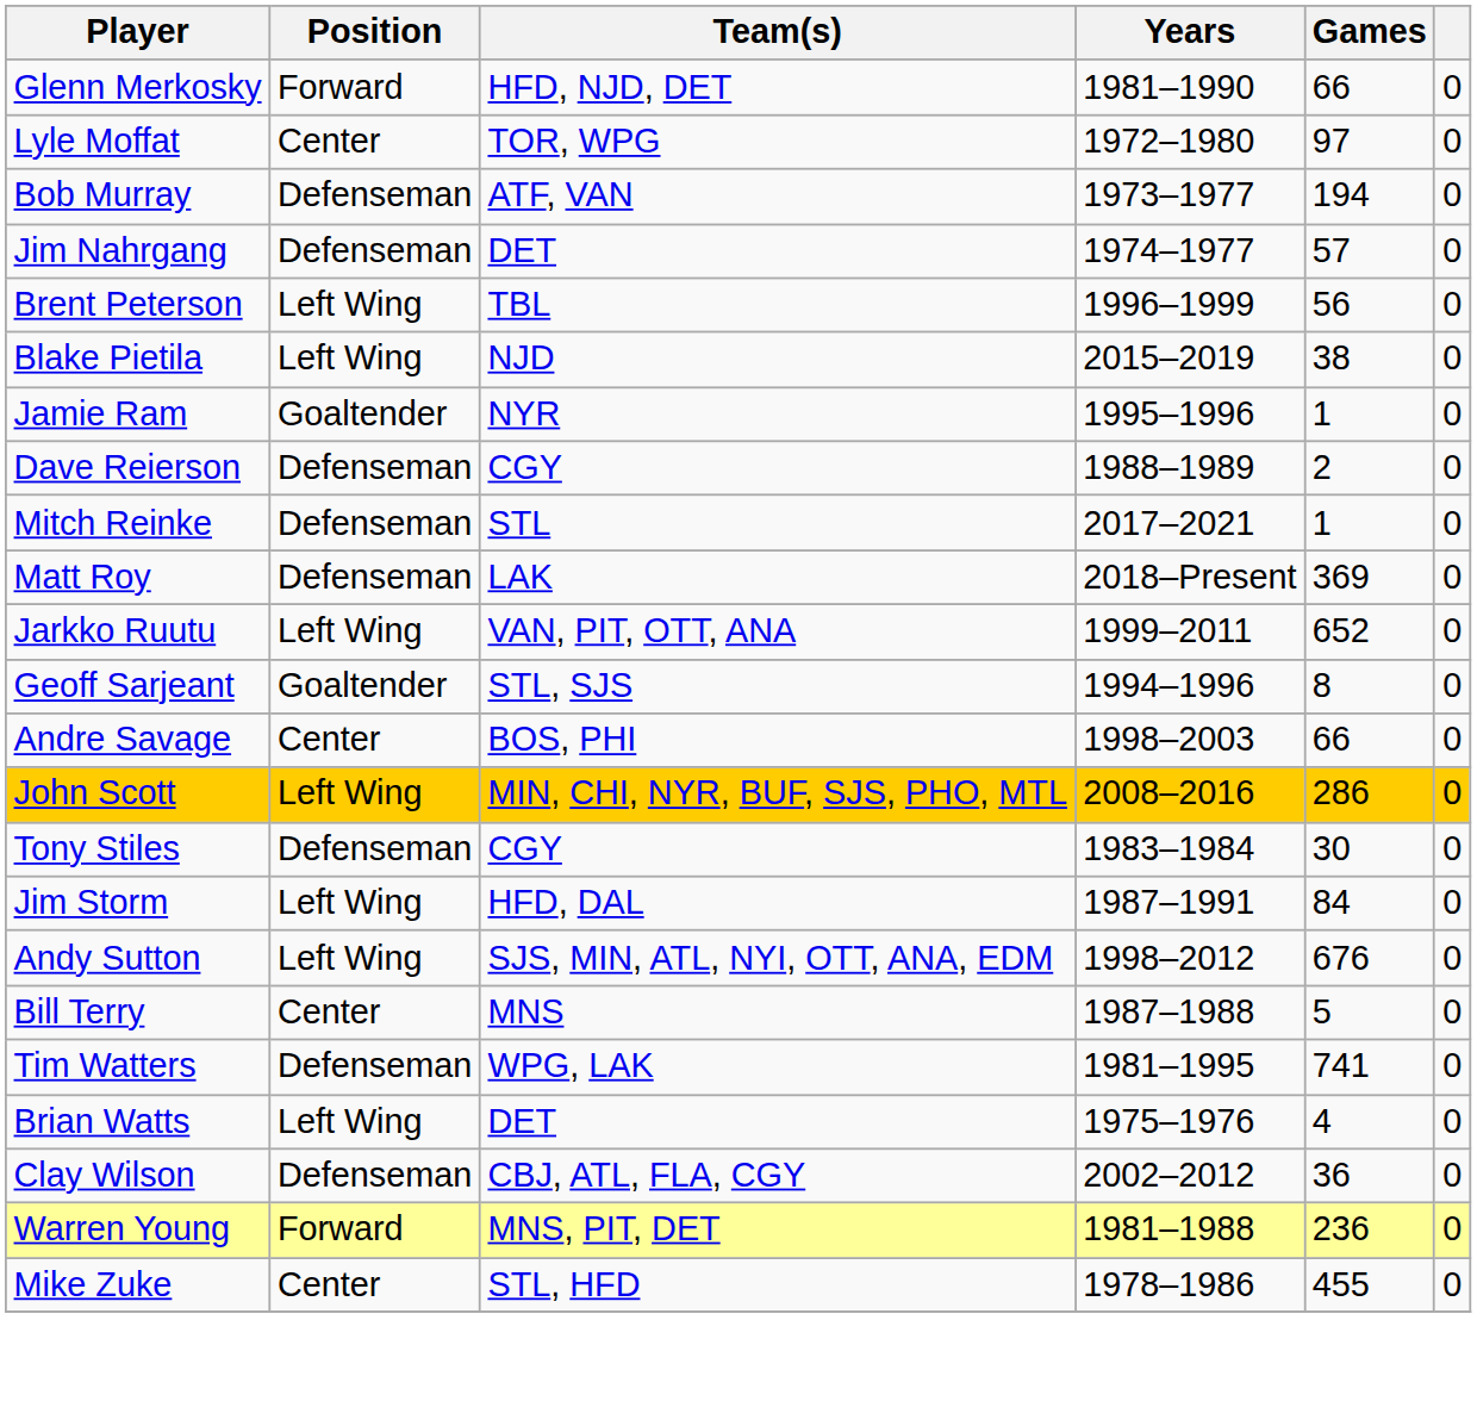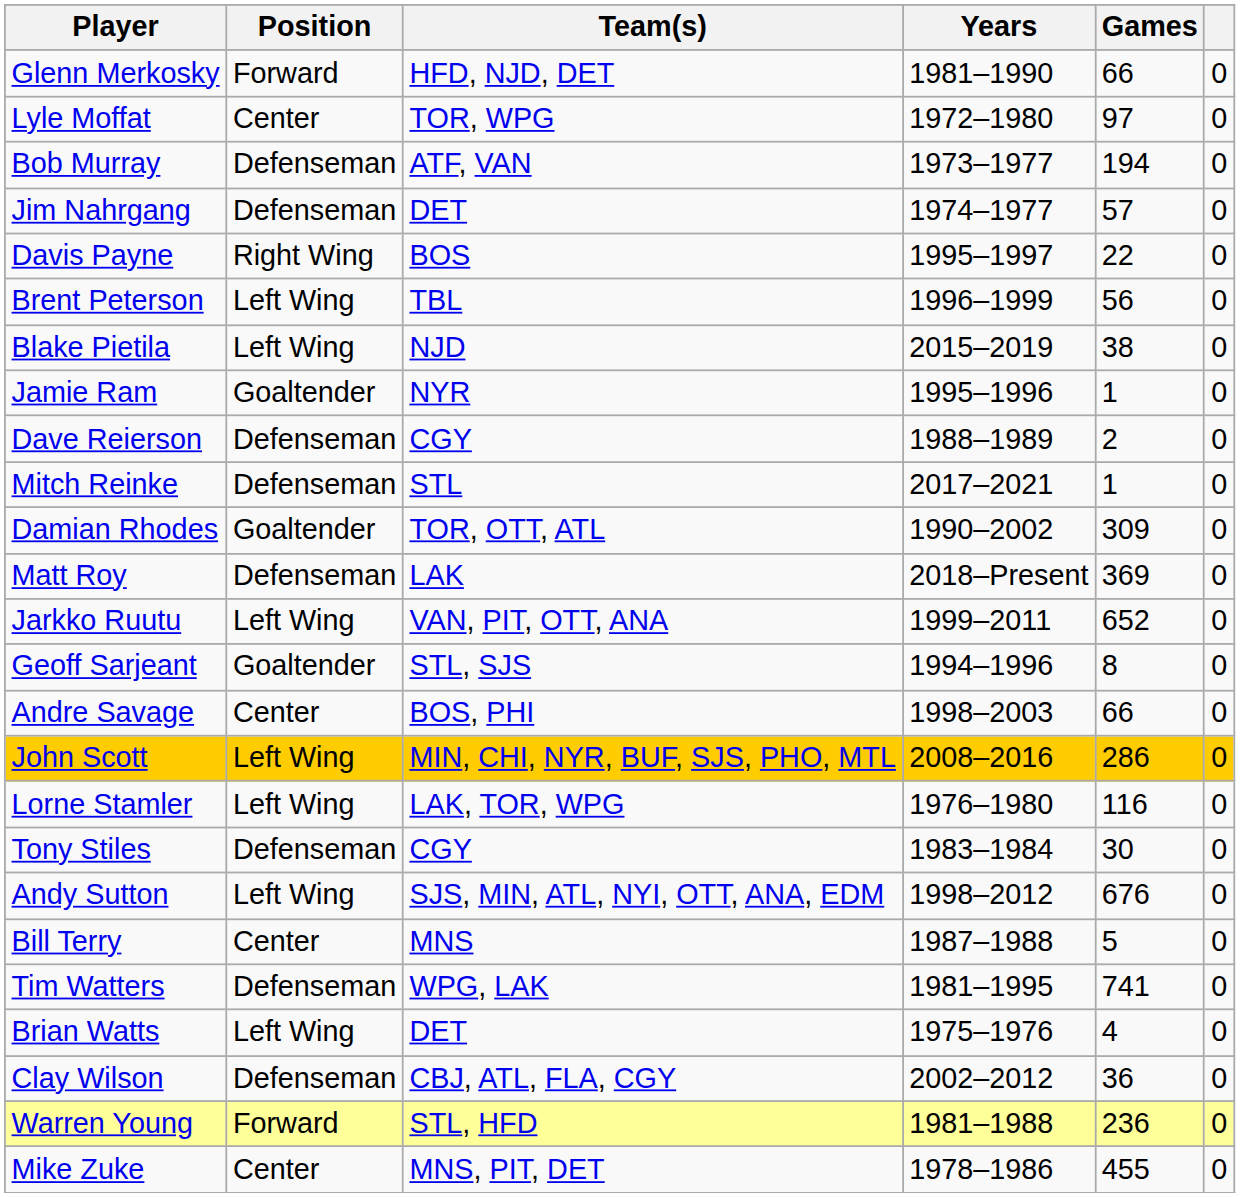 <table class="wikitable sortable">
 <tr>
 <th>Player</th>
 <th>Position</th>
 <th>Team(s)</th>
 <th>Years</th>
 <th>Games</th>
 <th><a href='#'></a></th>
 </tr>
 <tr>
 <td><a href='#'>Glenn Merkosky</a></td>
 <td>Forward</td>
 <td><a href='#'>HFD</a>, <a href='#'>NJD</a>, <a href='#'>DET</a></td>
 <td>1981–1990</td>
 <td>66</td>
 <td>0</td>
 </tr>
 <tr>
 <td><a href='#'>Lyle Moffat</a></td>
 <td>Center</td>
 <td><a href='#'>TOR</a>, <a href='#'>WPG</a></td>
 <td>1972–1980</td>
 <td>97</td>
 <td>0</td>
 </tr>
 <tr>
 <td><a href='#'>Bob Murray</a></td>
 <td>Defenseman</td>
 <td><a href='#'>ATF</a>, <a href='#'>VAN</a></td>
 <td>1973–1977</td>
 <td>194</td>
 <td>0</td>
 </tr>
 <tr>
 <td><a href='#'>Jim Nahrgang</a></td>
 <td>Defenseman</td>
 <td><a href='#'>DET</a></td>
 <td>1974–1977</td>
 <td>57</td>
+<td>0</td>
+</tr>
+<tr>
+<td><a href='#'>Davis Payne</a></td>
+<td>Right Wing</td>
+<td><a href='#'>BOS</a></td>
+<td>1995–1997</td>
+<td>22</td>
 <td>0</td>
 </tr>
 <tr>
 <td><a href='#'>Brent Peterson</a></td>
 <td>Left Wing</td>
 <td><a href='#'>TBL</a></td>
 <td>1996–1999</td>
 <td>56</td>
 <td>0</td>
 </tr>
 <tr>
 <td><a href='#'>Blake Pietila</a></td>
 <td>Left Wing</td>
 <td><a href='#'>NJD</a></td>
 <td>2015–2019</td>
 <td>38</td>
 <td>0</td>
 </tr>
 <tr>
 <td><a href='#'>Jamie Ram</a></td>
 <td>Goaltender</td>
 <td><a href='#'>NYR</a></td>
 <td>1995–1996</td>
 <td>1</td>
 <td>0</td>
 </tr>
 <tr>
 <td><a href='#'>Dave Reierson</a></td>
 <td>Defenseman</td>
 <td><a href='#'>CGY</a></td>
 <td>1988–1989</td>
 <td>2</td>
 <td>0</td>
 </tr>
 <tr>
 <td><a href='#'>Mitch Reinke</a></td>
 <td>Defenseman</td>
 <td><a href='#'>STL</a></td>
 <td>2017–2021</td>
 <td>1</td>
 <td>0</td>
 </tr>
 <tr>
+<td><a href='#'>Damian Rhodes</a></td>
+<td>Goaltender</td>
+<td><a href='#'>TOR</a>, <a href='#'>OTT</a>, <a href='#'>ATL</a></td>
+<td>1990–2002</td>
+<td>309</td>
+<td>0</td>
+</tr>
+<tr>
 <td><a href='#'>Matt Roy</a></td>
 <td>Defenseman</td>
 <td><a href='#'>LAK</a></td>
 <td>2018–Present</td>
 <td>369</td>
 <td>0</td>
 </tr>
 <tr>
 <td><a href='#'>Jarkko Ruutu</a></td>
 <td>Left Wing</td>
 <td><a href='#'>VAN</a>, <a href='#'>PIT</a>, <a href='#'>OTT</a>, <a href='#'>ANA</a></td>
 <td>1999–2011</td>
 <td>652</td>
 <td>0</td>
 </tr>
 <tr>
 <td><a href='#'>Geoff Sarjeant</a></td>
 <td>Goaltender</td>
 <td><a href='#'>STL</a>, <a href='#'>SJS</a></td>
 <td>1994–1996</td>
 <td>8</td>
 <td>0</td>
 </tr>
 <tr>
 <td><a href='#'>Andre Savage</a></td>
 <td>Center</td>
 <td><a href='#'>BOS</a>, <a href='#'>PHI</a></td>
 <td>1998–2003</td>
 <td>66</td>
 <td>0</td>
 </tr>
 <tr bgcolor=#FFCC00>
 <td><a href='#'>John Scott</a></td>
 <td>Left Wing</td>
 <td><a href='#'>MIN</a>, <a href='#'>CHI</a>, <a href='#'>NYR</a>, <a href='#'>BUF</a>, <a href='#'>SJS</a>, <a href='#'>PHO</a>, <a href='#'>MTL</a></td>
 <td>2008–2016</td>
 <td>286</td>
 <td>0</td>
 </tr>
 <tr>
+<td><a href='#'>Lorne Stamler</a></td>
+<td>Left Wing</td>
+<td><a href='#'>LAK</a>, <a href='#'>TOR</a>, <a href='#'>WPG</a></td>
+<td>1976–1980</td>
+<td>116</td>
+<td>0</td>
+</tr>
+<tr>
 <td><a href='#'>Tony Stiles</a></td>
 <td>Defenseman</td>
 <td><a href='#'>CGY</a></td>
 <td>1983–1984</td>
 <td>30</td>
-<td>0</td>
-</tr>
-<tr>
-<td><a href='#'>Jim Storm</a></td>
-<td>Left Wing</td>
-<td><a href='#'>HFD</a>, <a href='#'>DAL</a></td>
-<td>1987–1991</td>
-<td>84</td>
 <td>0</td>
 </tr>
 <tr>
 <td><a href='#'>Andy Sutton</a></td>
 <td>Left Wing</td>
 <td><a href='#'>SJS</a>, <a href='#'>MIN</a>, <a href='#'>ATL</a>, <a href='#'>NYI</a>, <a href='#'>OTT</a>, <a href='#'>ANA</a>, <a href='#'>EDM</a></td>
 <td>1998–2012</td>
 <td>676</td>
 <td>0</td>
 </tr>
 <tr>
 <td><a href='#'>Bill Terry</a></td>
 <td>Center</td>
 <td><a href='#'>MNS</a></td>
 <td>1987–1988</td>
 <td>5</td>
 <td>0</td>
 </tr>
 <tr>
 <td><a href='#'>Tim Watters</a></td>
 <td>Defenseman</td>
 <td><a href='#'>WPG</a>, <a href='#'>LAK</a></td>
 <td>1981–1995</td>
 <td>741</td>
 <td>0</td>
 </tr>
 <tr>
 <td><a href='#'>Brian Watts</a></td>
 <td>Left Wing</td>
 <td><a href='#'>DET</a></td>
 <td>1975–1976</td>
 <td>4</td>
 <td>0</td>
 </tr>
 <tr>
 <td><a href='#'>Clay Wilson</a></td>
 <td>Defenseman</td>
 <td><a href='#'>CBJ</a>, <a href='#'>ATL</a>, <a href='#'>FLA</a>, <a href='#'>CGY</a></td>
 <td>2002–2012</td>
 <td>36</td>
 <td>0</td>
 </tr>
 <tr bgcolor=#FFFF99>
 <td><a href='#'>Warren Young</a></td>
 <td>Forward</td>
-<td><a href='#'>MNS</a>, <a href='#'>PIT</a>, <a href='#'>DET</a></td>
+<td><a href='#'>STL</a>, <a href='#'>HFD</a></td>
 <td>1981–1988</td>
 <td>236</td>
 <td>0</td>
 </tr>
 <tr>
 <td><a href='#'>Mike Zuke</a></td>
 <td>Center</td>
-<td><a href='#'>STL</a>, <a href='#'>HFD</a></td>
+<td><a href='#'>MNS</a>, <a href='#'>PIT</a>, <a href='#'>DET</a></td>
 <td>1978–1986</td>
 <td>455</td>
 <td>0</td>
 </tr>
 <tr>
 </tr>
 </table>
